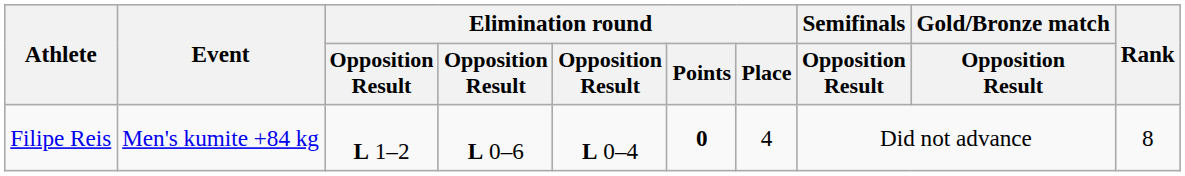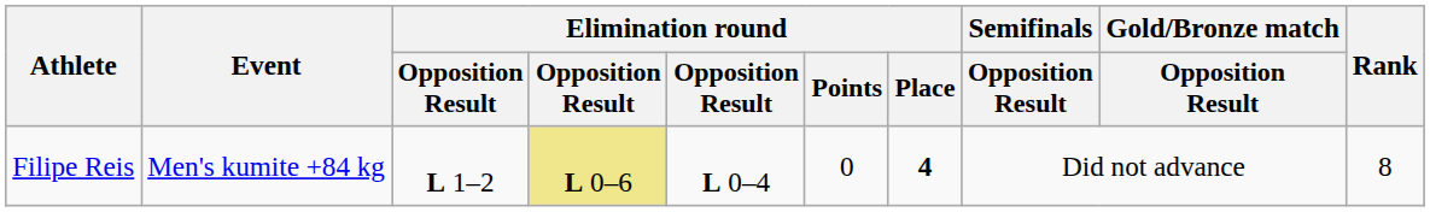 <table class=wikitable style="font-size:90%; text-align:center;">
 <tr>
 <th rowspan=2>Athlete</th>
 <th rowspan=2>Event</th>
 <th colspan=5>Elimination round</th>
 <th>Semifinals</th>
 <th>Gold/Bronze match</th>
 <th rowspan=2>Rank</th>
 </tr>
 <tr style="font-size:95%;">
 <th>Opposition<br>Result</th>
 <th>Opposition<br>Result</th>
 <th>Opposition<br>Result</th>
 <th>Points</th>
 <th>Place</th>
 <th>Opposition<br>Result</th>
 <th>Opposition<br>Result</th>
 </tr>
 <tr>
 <td align=left><a href='#'>Filipe Reis</a></td>
 <td align=left><a href='#'>Men's kumite +84 kg</a></td>
 <td><br><strong>L</strong> 1–2</td>
-<td><br><strong>L</strong> 0–6</td>
+<td style="background: khaki;"><br><strong>L</strong> 0–6</td>
 <td><br><strong>L</strong> 0–4</td>
-<td><strong>0</strong></td>
-<td>4</td>
+<td>0</td>
+<td><strong>4</strong></td>
 <td colspan=2>Did not advance</td>
 <td>8</td>
 </tr>
 </table>
